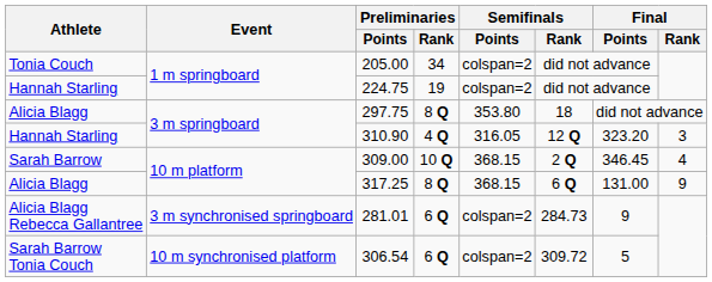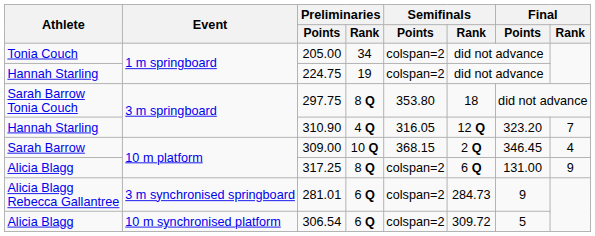 <table class=wikitable style="font-size:90%">
 <tr>
 <th rowspan="2">Athlete</th>
 <th rowspan="2">Event</th>
 <th colspan="2">Preliminaries</th>
 <th colspan="2">Semifinals</th>
 <th colspan="2">Final</th>
 </tr>
 <tr style="font-size:95%">
 <th>Points</th>
 <th>Rank</th>
 <th>Points</th>
 <th>Rank</th>
 <th>Points</th>
 <th>Rank</th>
 </tr>
 <tr align=center>
 <td align=left><a href='#'>Tonia Couch</a></td>
 <td align=left rowspan=2><a href='#'>1 m springboard</a></td>
 <td>205.00</td>
 <td>34</td>
 <td>colspan=2 </td>
 <td colspan=2>did not advance</td>
 </tr>
 <tr align=center>
 <td align=left><a href='#'>Hannah Starling</a></td>
 <td>224.75</td>
 <td>19</td>
 <td>colspan=2 </td>
 <td colspan=2>did not advance</td>
 </tr>
 <tr align=center>
-<td align=left><a href='#'>Alicia Blagg</a></td>
+<td align=left><a href='#'>Sarah Barrow</a><br><a href='#'>Tonia Couch</a></td>
 <td align=left rowspan=2><a href='#'>3 m springboard</a></td>
 <td>297.75</td>
 <td>8 <strong>Q</strong></td>
 <td>353.80</td>
 <td>18</td>
 <td colspan=2>did not advance</td>
 </tr>
 <tr align=center>
 <td align=left><a href='#'>Hannah Starling</a></td>
 <td>310.90</td>
 <td>4 <strong>Q</strong></td>
 <td>316.05</td>
 <td>12 <strong>Q</strong></td>
 <td>323.20</td>
-<td>3</td>
+<td>7</td>
 </tr>
 <tr align=center>
 <td align=left><a href='#'>Sarah Barrow</a></td>
 <td align=left rowspan=2><a href='#'>10 m platform</a></td>
 <td>309.00</td>
 <td>10 <strong>Q</strong></td>
 <td>368.15</td>
 <td>2 <strong>Q</strong></td>
 <td>346.45</td>
 <td>4</td>
 </tr>
 <tr align=center>
 <td align=left><a href='#'>Alicia Blagg</a></td>
 <td>317.25</td>
 <td>8 <strong>Q</strong></td>
-<td>368.15</td>
+<td>colspan=2 </td>
 <td>6 <strong>Q</strong></td>
 <td>131.00</td>
 <td>9</td>
 </tr>
 <tr align=center>
 <td align=left><a href='#'>Alicia Blagg</a><br><a href='#'>Rebecca Gallantree</a></td>
 <td align=left><a href='#'>3 m synchronised springboard</a></td>
 <td>281.01</td>
 <td>6 <strong>Q</strong></td>
 <td>colspan=2 </td>
 <td>284.73</td>
 <td>9</td>
 </tr>
 <tr align=center>
-<td align=left><a href='#'>Sarah Barrow</a><br><a href='#'>Tonia Couch</a></td>
+<td align=left><a href='#'>Alicia Blagg</a></td>
 <td align=left><a href='#'>10 m synchronised platform</a></td>
 <td>306.54</td>
 <td>6 <strong>Q</strong></td>
 <td>colspan=2 </td>
 <td>309.72</td>
 <td>5</td>
 </tr>
 </table>
